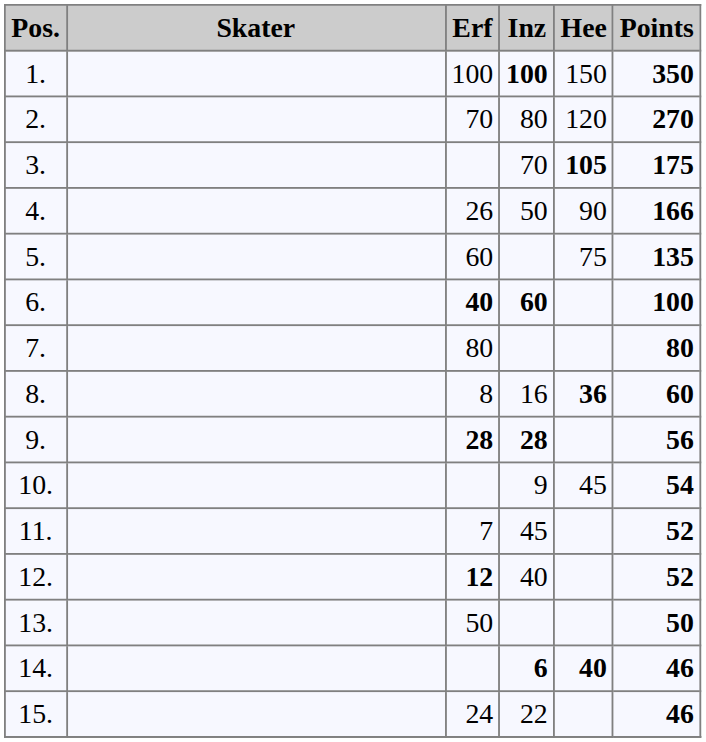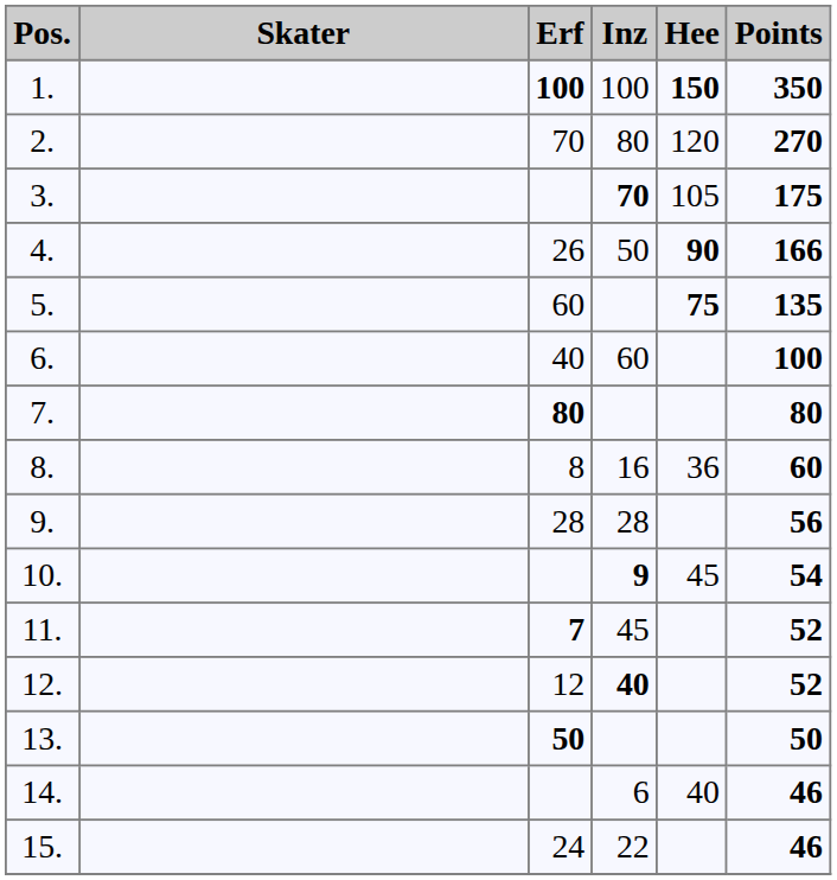 <table bgcolor="#f7f8ff" cellpadding="3" cellspacing="0" border="1" style="font-size: 95%; border: gray solid 1px; border-collapse: collapse;">
 <tr bgcolor="#CCCCCC">
 <td align="center" width="10"><strong>Pos.</strong></td>
 <td align="center" width="200"><strong>Skater</strong></td>
 <td align="center" width="20"><strong>Erf</strong></td>
 <td align="center" width="20"><strong>Inz</strong></td>
 <td align="center" width="20"><strong>Hee</strong></td>
 <td align="center" width="20"><strong>Points</strong></td>
 </tr>
 <tr align="left">
 <td align="center">1.</td>
 <td></td>
+<td align="right"><strong>100</strong></td>
 <td align="right">100</td>
-<td align="right"><strong>100</strong></td>
-<td align="right">150</td>
+<td align="right"><strong>150</strong></td>
 <td align="right"><strong>350</strong></td>
 </tr>
 <tr align="left">
 <td align="center">2.</td>
 <td></td>
 <td align="right">70</td>
 <td align="right">80</td>
 <td align="right">120</td>
 <td align="right"><strong>270</strong></td>
 </tr>
 <tr align="left">
 <td align="center">3.</td>
 <td></td>
 <td align="right"></td>
-<td align="right">70</td>
-<td align="right"><strong>105</strong></td>
+<td align="right"><strong>70</strong></td>
+<td align="right">105</td>
 <td align="right"><strong>175</strong></td>
 </tr>
 <tr align="left">
 <td align="center">4.</td>
 <td></td>
 <td align="right">26</td>
 <td align="right">50</td>
-<td align="right">90</td>
+<td align="right"><strong>90</strong></td>
 <td align="right"><strong>166</strong></td>
 </tr>
 <tr align="left">
 <td align="center">5.</td>
 <td></td>
 <td align="right">60</td>
 <td align="right"></td>
-<td align="right">75</td>
+<td align="right"><strong>75</strong></td>
 <td align="right"><strong>135</strong></td>
 </tr>
 <tr align="left">
 <td align="center">6.</td>
 <td></td>
-<td align="right"><strong>40</strong></td>
-<td align="right"><strong>60</strong></td>
+<td align="right">40</td>
+<td align="right">60</td>
 <td align="right"></td>
 <td align="right"><strong>100</strong></td>
 </tr>
 <tr align="left">
 <td align="center">7.</td>
 <td></td>
-<td align="right">80</td>
+<td align="right"><strong>80</strong></td>
 <td align="right"></td>
 <td align="right"></td>
 <td align="right"><strong>80</strong></td>
 </tr>
 <tr align="left">
 <td align="center">8.</td>
 <td></td>
 <td align="right">8</td>
 <td align="right">16</td>
-<td align="right"><strong>36</strong></td>
+<td align="right">36</td>
 <td align="right"><strong>60</strong></td>
 </tr>
 <tr align="left">
 <td align="center">9.</td>
 <td></td>
-<td align="right"><strong>28</strong></td>
-<td align="right"><strong>28</strong></td>
+<td align="right">28</td>
+<td align="right">28</td>
 <td align="right"></td>
 <td align="right"><strong>56</strong></td>
 </tr>
 <tr align="left">
 <td align="center">10.</td>
 <td></td>
 <td align="right"></td>
-<td align="right">9</td>
+<td align="right"><strong>9</strong></td>
 <td align="right">45</td>
 <td align="right"><strong>54</strong></td>
 </tr>
 <tr align="left">
 <td align="center">11.</td>
 <td></td>
-<td align="right">7</td>
+<td align="right"><strong>7</strong></td>
 <td align="right">45</td>
 <td align="right"></td>
 <td align="right"><strong>52</strong></td>
 </tr>
 <tr align="left">
 <td align="center">12.</td>
 <td></td>
-<td align="right"><strong>12</strong></td>
-<td align="right">40</td>
+<td align="right">12</td>
+<td align="right"><strong>40</strong></td>
 <td align="right"></td>
 <td align="right"><strong>52</strong></td>
 </tr>
 <tr align="left">
 <td align="center">13.</td>
 <td></td>
-<td align="right">50</td>
+<td align="right"><strong>50</strong></td>
 <td align="right"></td>
 <td align="right"></td>
 <td align="right"><strong>50</strong></td>
 </tr>
 <tr align="left">
 <td align="center">14.</td>
 <td></td>
 <td align="right"></td>
-<td align="right"><strong>6</strong></td>
-<td align="right"><strong>40</strong></td>
+<td align="right">6</td>
+<td align="right">40</td>
 <td align="right"><strong>46</strong></td>
 </tr>
 <tr align="left">
 <td align="center">15.</td>
 <td></td>
 <td align="right">24</td>
 <td align="right">22</td>
 <td align="right"></td>
 <td align="right"><strong>46</strong><br></td>
 </tr>
 <tr>
 </tr>
 </table>
